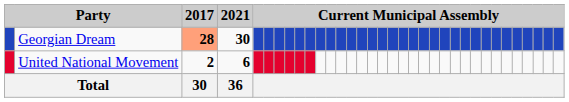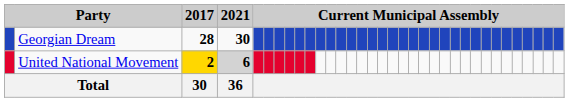 <table class="wikitable">
 <tr>
 <th style="background:#ccc" colspan="2">Party</th>
 <th style="background:#ccc">2017</th>
 <th style="background:#ccc">2021</th>
 <th style="background:#ccc" colspan="45">Current Municipal Assembly</th>
 </tr>
 <tr>
 <td style="background-color: #2044bc"> </td>
 <td><a href='#'>Georgian Dream</a></td>
-<td style="background: lightsalmon; text-align: right"><strong>28</strong></td>
+<td style="text-align: right"><strong>28</strong></td>
 <td style="text-align: right"><strong>30</strong></td>
 <td style="background-color: #2044bc"> </td>
 <td style="background-color: #2044bc"> </td>
 <td style="background-color: #2044bc"> </td>
 <td style="background-color: #2044bc"> </td>
 <td style="background-color: #2044bc"> </td>
 <td style="background-color: #2044bc"> </td>
 <td style="background-color: #2044bc"> </td>
 <td style="background-color: #2044bc"> </td>
 <td style="background-color: #2044bc"> </td>
 <td style="background-color: #2044bc"> </td>
 <td style="background-color: #2044bc"> </td>
 <td style="background-color: #2044bc"> </td>
 <td style="background-color: #2044bc"> </td>
 <td style="background-color: #2044bc"> </td>
 <td style="background-color: #2044bc"> </td>
 <td style="background-color: #2044bc"> </td>
 <td style="background-color: #2044bc"> </td>
 <td style="background-color: #2044bc"> </td>
 <td style="background-color: #2044bc"> </td>
 <td style="background-color: #2044bc"> </td>
 <td style="background-color: #2044bc"> </td>
 <td style="background-color: #2044bc"> </td>
 <td style="background-color: #2044bc"> </td>
 <td style="background-color: #2044bc"> </td>
 <td style="background-color: #2044bc"> </td>
 <td style="background-color: #2044bc"> </td>
 <td style="background-color: #2044bc"> </td>
 <td style="background-color: #2044bc"> </td>
 <td style="background-color: #2044bc"> </td>
 <td style="background-color: #2044bc"> </td>
 </tr>
 <tr>
 <td style="background-color: #e4012e"> </td>
 <td><a href='#'>United National Movement</a></td>
-<td style="text-align: right"><strong>2</strong></td>
-<td style="text-align: right"><strong>6</strong></td>
+<td style="background: gold; text-align: right"><strong>2</strong></td>
+<td style="background: lightgrey; text-align: right"><strong>6</strong></td>
 <td style="background-color: #e4012e"></td>
 <td style="background-color: #e4012e"> </td>
 <td style="background-color: #e4012e"> </td>
 <td style="background-color: #e4012e"> </td>
 <td style="background-color: #e4012e"> </td>
 <td style="background-color: #e4012e"> </td>
 <td></td>
 <td></td>
 <td></td>
 <td></td>
 <td></td>
 <td></td>
 <td></td>
 <td></td>
 <td></td>
 <td></td>
 <td></td>
 <td></td>
 <td></td>
 <td></td>
 <td></td>
 <td></td>
 <td></td>
 <td></td>
 <td></td>
 <td></td>
 <td></td>
 <td></td>
 <td></td>
 <td></td>
 </tr>
 <tr>
 <th colspan=2>Total</th>
 <th align=right>30</th>
 <th align=right>36</th>
 <th colspan=45> </th>
 </tr>
 </table>
